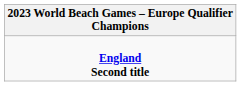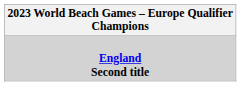 <table class="wikitable" style="margin: 0 auto;">
 <tr>
 <th>2023 World Beach Games – Europe Qualifier<br>Champions</th>
 </tr>
 <tr>
-<td align=center><br><strong><a href='#'>England</a></strong><br><strong>Second title</strong></td>
+<td align=center style="background: lightgrey;"><br><strong><a href='#'>England</a></strong><br><strong>Second title</strong></td>
 </tr>
 </table>
